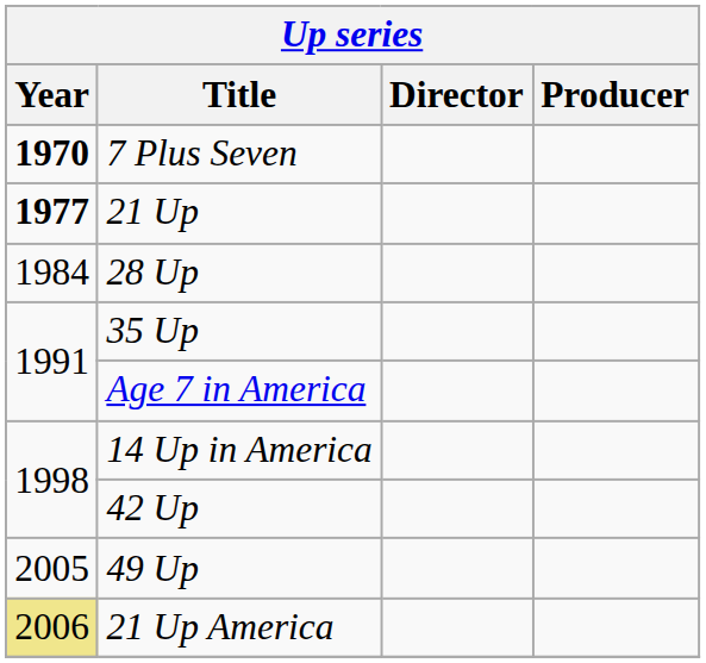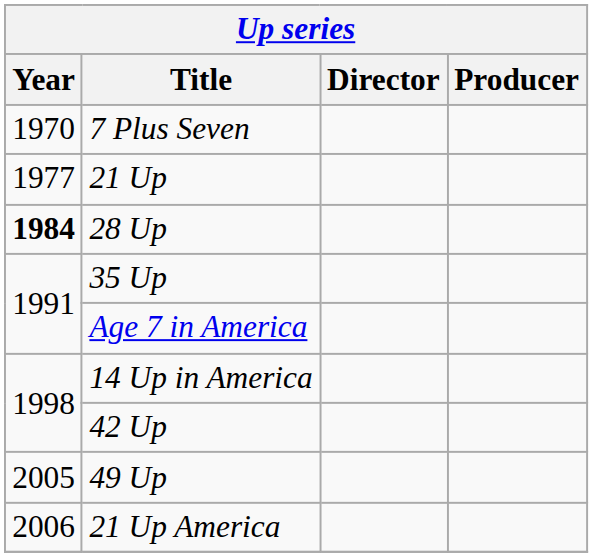 <table class="wikitable">
 <tr>
 <th colspan=4><em><a href='#'>Up series</a></em></th>
 </tr>
 <tr>
 <th>Year</th>
 <th>Title</th>
 <th>Director</th>
 <th>Producer</th>
 </tr>
 <tr>
-<td><strong>1970</strong></td>
+<td>1970</td>
 <td><em>7 Plus Seven</em></td>
 <td></td>
 <td></td>
 </tr>
 <tr>
-<td><strong>1977</strong></td>
+<td>1977</td>
 <td><em>21 Up</em></td>
 <td></td>
 <td></td>
 </tr>
 <tr>
-<td>1984</td>
+<td><strong>1984</strong></td>
 <td><em>28 Up</em></td>
 <td></td>
 <td></td>
 </tr>
 <tr>
 <td rowspan=2>1991</td>
 <td><em>35 Up</em></td>
 <td></td>
 <td></td>
 </tr>
 <tr>
 <td><em><a href='#'>Age 7 in America</a></em></td>
 <td></td>
 <td></td>
 </tr>
 <tr>
 <td rowspan=2>1998</td>
 <td><em>14 Up in America</em></td>
 <td></td>
 <td></td>
 </tr>
 <tr>
 <td><em>42 Up</em></td>
 <td></td>
 <td></td>
 </tr>
 <tr>
 <td>2005</td>
 <td><em>49 Up</em></td>
 <td></td>
 <td></td>
 </tr>
 <tr>
-<td style="background: khaki;">2006</td>
+<td>2006</td>
 <td><em>21 Up America</em></td>
 <td></td>
 <td></td>
 </tr>
 <tr>
 </tr>
 </table>
